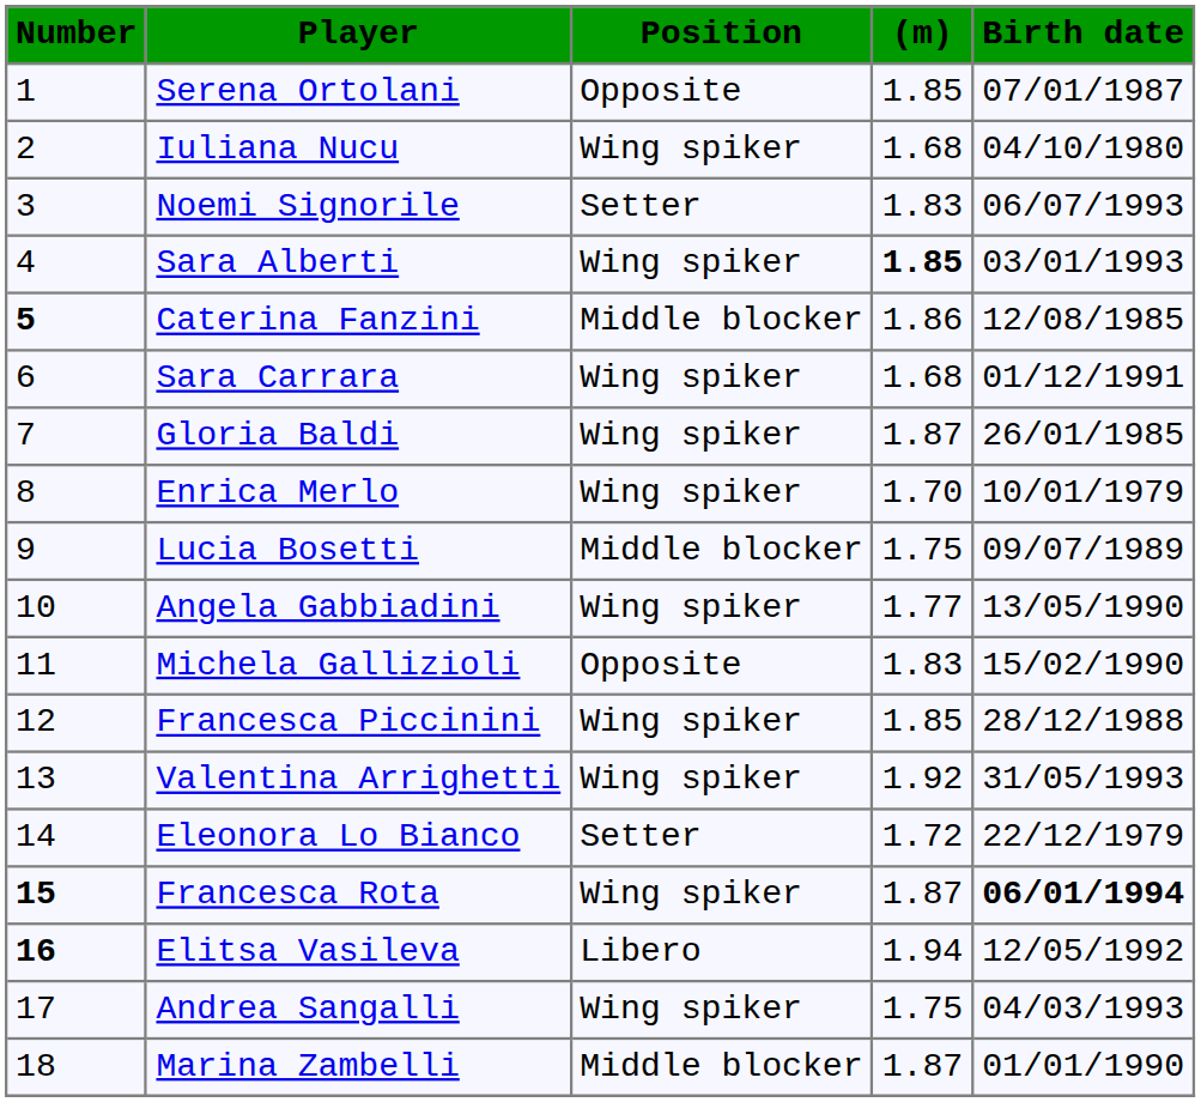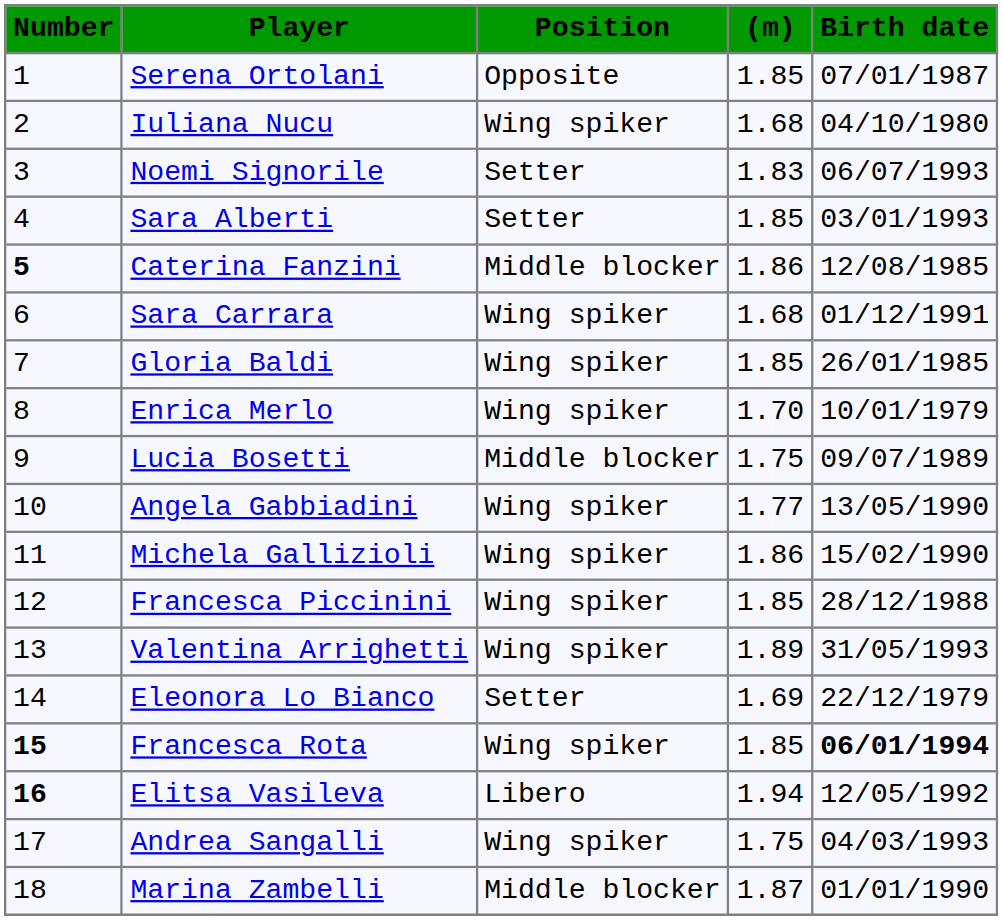 <table bgcolor="#f7f8ff" cellpadding="3" cellspacing="0" border="1" style="font-size: 95%; border: gray solid 1px; border-collapse: collapse;">
 <tr bgcolor="#009900">
 <td align=center><strong>Number</strong></td>
 <td align=center><strong>Player</strong></td>
 <td align=center><strong>Position</strong></td>
 <td align=center><strong>(m)</strong></td>
 <td align=center><strong>Birth date</strong></td>
 </tr>
 <tr align=left>
 <td>1</td>
 <td> <a href='#'>Serena Ortolani</a></td>
 <td>Opposite</td>
 <td>1.85</td>
 <td>07/01/1987</td>
 </tr>
 <tr align="left">
 <td>2</td>
 <td> <a href='#'>Iuliana Nucu</a></td>
 <td>Wing spiker</td>
 <td>1.68</td>
 <td>04/10/1980</td>
 </tr>
 <tr align="left">
 <td>3</td>
 <td> <a href='#'>Noemi Signorile</a></td>
 <td>Setter</td>
 <td>1.83</td>
 <td>06/07/1993</td>
 </tr>
 <tr align="left">
 <td>4</td>
 <td> <a href='#'>Sara Alberti</a></td>
-<td>Wing spiker</td>
-<td><strong>1.85</strong></td>
+<td>Setter</td>
+<td>1.85</td>
 <td>03/01/1993</td>
 </tr>
 <tr align="left">
 <td><strong>5</strong></td>
 <td> <a href='#'>Caterina Fanzini</a></td>
 <td>Middle blocker</td>
 <td>1.86</td>
 <td>12/08/1985</td>
 </tr>
 <tr align="left">
 <td>6</td>
 <td> <a href='#'>Sara Carrara</a></td>
 <td>Wing spiker</td>
 <td>1.68</td>
 <td>01/12/1991</td>
 </tr>
 <tr align="left">
 <td>7</td>
 <td> <a href='#'>Gloria Baldi</a></td>
 <td>Wing spiker</td>
-<td>1.87</td>
+<td>1.85</td>
 <td>26/01/1985</td>
 </tr>
 <tr align="left">
 <td>8</td>
 <td> <a href='#'>Enrica Merlo</a></td>
 <td>Wing spiker</td>
 <td>1.70</td>
 <td>10/01/1979</td>
 </tr>
 <tr align="left">
 <td>9</td>
 <td> <a href='#'>Lucia Bosetti</a></td>
 <td>Middle blocker</td>
 <td>1.75</td>
 <td>09/07/1989</td>
 </tr>
 <tr align="left">
 <td>10</td>
 <td> <a href='#'>Angela Gabbiadini</a></td>
 <td>Wing spiker</td>
 <td>1.77</td>
 <td>13/05/1990</td>
 </tr>
 <tr align="left">
 <td>11</td>
 <td> <a href='#'>Michela Gallizioli</a></td>
-<td>Opposite</td>
-<td>1.83</td>
+<td>Wing spiker</td>
+<td>1.86</td>
 <td>15/02/1990</td>
 </tr>
 <tr align="left">
 <td>12</td>
 <td> <a href='#'>Francesca Piccinini</a></td>
 <td>Wing spiker</td>
 <td>1.85</td>
 <td>28/12/1988</td>
 </tr>
 <tr align="left">
 <td>13</td>
 <td> <a href='#'>Valentina Arrighetti</a></td>
 <td>Wing spiker</td>
-<td>1.92</td>
+<td>1.89</td>
 <td>31/05/1993</td>
 </tr>
 <tr align="left">
 <td>14</td>
 <td> <a href='#'>Eleonora Lo Bianco</a></td>
 <td>Setter</td>
-<td>1.72</td>
+<td>1.69</td>
 <td>22/12/1979</td>
 </tr>
 <tr align="left">
 <td><strong>15</strong></td>
 <td> <a href='#'>Francesca Rota</a></td>
 <td>Wing spiker</td>
-<td>1.87</td>
+<td>1.85</td>
 <td><strong>06/01/1994</strong></td>
 </tr>
 <tr align="left">
 <td><strong>16</strong></td>
 <td> <a href='#'>Elitsa Vasileva</a></td>
 <td>Libero</td>
 <td>1.94</td>
 <td>12/05/1992</td>
 </tr>
 <tr align="left">
 <td>17</td>
 <td> <a href='#'>Andrea Sangalli</a></td>
 <td>Wing spiker</td>
 <td>1.75</td>
 <td>04/03/1993</td>
 </tr>
 <tr align="left">
 <td>18</td>
 <td> <a href='#'>Marina Zambelli</a></td>
 <td>Middle blocker</td>
 <td>1.87</td>
 <td>01/01/1990</td>
 </tr>
 <tr align="left">
 </tr>
 </table>
